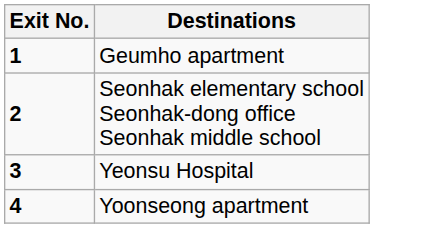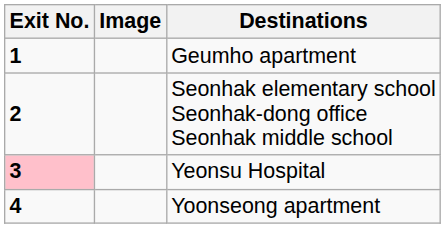 <table class="wikitable">
 <tr>
 <th>Exit No.</th>
+<th>Image</th>
 <th>Destinations</th>
 </tr>
 <tr>
 <td><span><strong>1</strong></span></td>
+<td></td>
 <td>Geumho apartment</td>
 </tr>
 <tr>
 <td><span><strong>2</strong></span></td>
+<td></td>
 <td>Seonhak elementary school<br>Seonhak-dong office<br>Seonhak middle school</td>
 </tr>
 <tr>
-<td><span><strong>3</strong></span></td>
+<td style="background: pink;"><span><strong>3</strong></span></td>
+<td></td>
 <td>Yeonsu Hospital</td>
 </tr>
 <tr>
 <td><span><strong>4</strong></span></td>
+<td></td>
 <td>Yoonseong apartment</td>
 </tr>
 </table>
